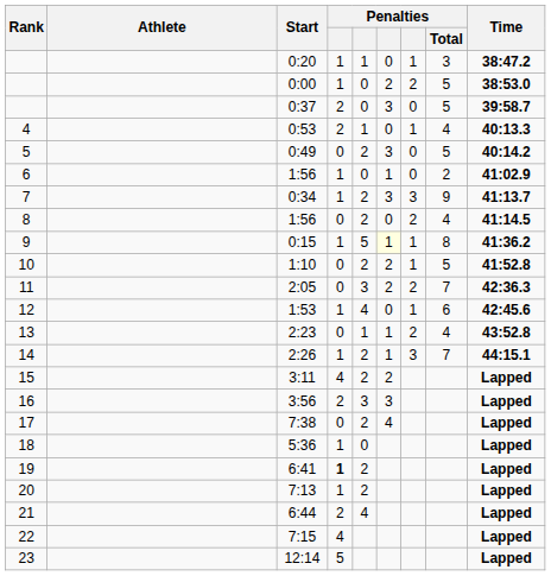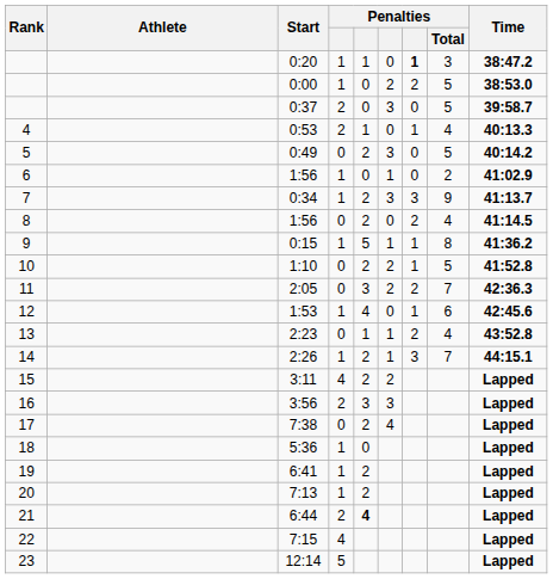 <table class=wikitable style="text-align:center">
 <tr>
 <th rowspan=2 width=40>Rank</th>
 <th rowspan=2 width=250>Athlete</th>
 <th rowspan=2 width=50>Start</th>
 <th colspan=5>Penalties</th>
 <th rowspan=2 width=80>Time</th>
 </tr>
 <tr>
 <th width=20></th>
 <th width=20></th>
 <th width=20></th>
 <th width=20></th>
 <th width=40>Total</th>
 </tr>
 <tr>
 <td></td>
 <td align=left></td>
 <td>0:20</td>
 <td>1</td>
 <td>1</td>
 <td>0</td>
-<td>1</td>
+<td><strong>1</strong></td>
 <td>3</td>
 <td><strong>38:47.2</strong></td>
 </tr>
 <tr>
 <td></td>
 <td align=left></td>
 <td>0:00</td>
 <td>1</td>
 <td>0</td>
 <td>2</td>
 <td>2</td>
 <td>5</td>
 <td><strong>38:53.0</strong></td>
 </tr>
 <tr>
 <td></td>
 <td align=left></td>
 <td>0:37</td>
 <td>2</td>
 <td>0</td>
 <td>3</td>
 <td>0</td>
 <td>5</td>
 <td><strong>39:58.7</strong></td>
 </tr>
 <tr>
 <td>4</td>
 <td align=left></td>
 <td>0:53</td>
 <td>2</td>
 <td>1</td>
 <td>0</td>
 <td>1</td>
 <td>4</td>
 <td><strong>40:13.3</strong></td>
 </tr>
 <tr>
 <td>5</td>
 <td align=left></td>
 <td>0:49</td>
 <td>0</td>
 <td>2</td>
 <td>3</td>
 <td>0</td>
 <td>5</td>
 <td><strong>40:14.2</strong></td>
 </tr>
 <tr>
 <td>6</td>
 <td align=left></td>
 <td>1:56</td>
 <td>1</td>
 <td>0</td>
 <td>1</td>
 <td>0</td>
 <td>2</td>
 <td><strong>41:02.9</strong></td>
 </tr>
 <tr>
 <td>7</td>
 <td align=left></td>
 <td>0:34</td>
 <td>1</td>
 <td>2</td>
 <td>3</td>
 <td>3</td>
 <td>9</td>
 <td><strong>41:13.7</strong></td>
 </tr>
 <tr>
 <td>8</td>
 <td align=left></td>
 <td>1:56</td>
 <td>0</td>
 <td>2</td>
 <td>0</td>
 <td>2</td>
 <td>4</td>
 <td><strong>41:14.5</strong></td>
 </tr>
 <tr>
 <td>9</td>
 <td align=left></td>
 <td>0:15</td>
 <td>1</td>
 <td>5</td>
-<td style="background: lightyellow;">1</td>
+<td>1</td>
 <td>1</td>
 <td>8</td>
 <td><strong>41:36.2</strong></td>
 </tr>
 <tr>
 <td>10</td>
 <td align=left></td>
 <td>1:10</td>
 <td>0</td>
 <td>2</td>
 <td>2</td>
 <td>1</td>
 <td>5</td>
 <td><strong>41:52.8</strong></td>
 </tr>
 <tr>
 <td>11</td>
 <td align=left></td>
 <td>2:05</td>
 <td>0</td>
 <td>3</td>
 <td>2</td>
 <td>2</td>
 <td>7</td>
 <td><strong>42:36.3</strong></td>
 </tr>
 <tr>
 <td>12</td>
 <td align=left></td>
 <td>1:53</td>
 <td>1</td>
 <td>4</td>
 <td>0</td>
 <td>1</td>
 <td>6</td>
 <td><strong>42:45.6</strong></td>
 </tr>
 <tr>
 <td>13</td>
 <td align=left></td>
 <td>2:23</td>
 <td>0</td>
 <td>1</td>
 <td>1</td>
 <td>2</td>
 <td>4</td>
 <td><strong>43:52.8</strong></td>
 </tr>
 <tr>
 <td>14</td>
 <td align=left></td>
 <td>2:26</td>
 <td>1</td>
 <td>2</td>
 <td>1</td>
 <td>3</td>
 <td>7</td>
 <td><strong>44:15.1</strong></td>
 </tr>
 <tr>
 <td>15</td>
 <td align=left></td>
 <td>3:11</td>
 <td>4</td>
 <td>2</td>
 <td>2</td>
 <td></td>
 <td></td>
 <td><strong>Lapped</strong></td>
 </tr>
 <tr>
 <td>16</td>
 <td align=left></td>
 <td>3:56</td>
 <td>2</td>
 <td>3</td>
 <td>3</td>
 <td></td>
 <td></td>
 <td><strong>Lapped</strong></td>
 </tr>
 <tr>
 <td>17</td>
 <td align=left></td>
 <td>7:38</td>
 <td>0</td>
 <td>2</td>
 <td>4</td>
 <td></td>
 <td></td>
 <td><strong>Lapped</strong></td>
 </tr>
 <tr>
 <td>18</td>
 <td align=left></td>
 <td>5:36</td>
 <td>1</td>
 <td>0</td>
 <td></td>
 <td></td>
 <td></td>
 <td><strong>Lapped</strong></td>
 </tr>
 <tr>
 <td>19</td>
 <td align=left></td>
 <td>6:41</td>
-<td><strong>1</strong></td>
+<td>1</td>
 <td>2</td>
 <td></td>
 <td></td>
 <td></td>
 <td><strong>Lapped</strong></td>
 </tr>
 <tr>
 <td>20</td>
 <td align=left></td>
 <td>7:13</td>
 <td>1</td>
 <td>2</td>
 <td></td>
 <td></td>
 <td></td>
 <td><strong>Lapped</strong></td>
 </tr>
 <tr>
 <td>21</td>
 <td align=left></td>
 <td>6:44</td>
 <td>2</td>
-<td>4</td>
+<td><strong>4</strong></td>
 <td></td>
 <td></td>
 <td></td>
 <td><strong>Lapped</strong></td>
 </tr>
 <tr>
 <td>22</td>
 <td align=left></td>
 <td>7:15</td>
 <td>4</td>
 <td></td>
 <td></td>
 <td></td>
 <td></td>
 <td><strong>Lapped</strong></td>
 </tr>
 <tr>
 <td>23</td>
 <td align=left></td>
 <td>12:14</td>
 <td>5</td>
 <td></td>
 <td></td>
 <td></td>
 <td></td>
 <td><strong>Lapped</strong></td>
 </tr>
 </table>
